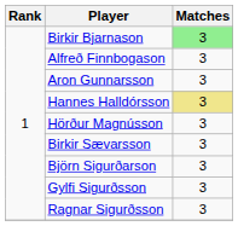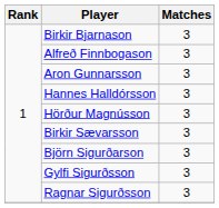 <table class="wikitable" style="text-align: left;">
 <tr>
 <th>Rank</th>
 <th>Player</th>
 <th>Matches</th>
 </tr>
 <tr>
 <td rowspan=9 align=center>1</td>
 <td><a href='#'>Birkir Bjarnason</a></td>
-<td align=center style="background: lightgreen;">3</td>
+<td align=center>3</td>
 </tr>
 <tr>
 <td><a href='#'>Alfreð Finnbogason</a></td>
 <td align=center>3</td>
 </tr>
 <tr>
 <td><a href='#'>Aron Gunnarsson</a></td>
 <td align=center>3</td>
 </tr>
 <tr>
 <td><a href='#'>Hannes Halldórsson</a></td>
-<td align=center style="background: khaki;">3</td>
+<td align=center>3</td>
 </tr>
 <tr>
 <td><a href='#'>Hörður Magnússon</a></td>
 <td align=center>3</td>
 </tr>
 <tr>
 <td><a href='#'>Birkir Sævarsson</a></td>
 <td align=center>3</td>
 </tr>
 <tr>
 <td><a href='#'>Björn Sigurðarson</a></td>
 <td align=center>3</td>
 </tr>
 <tr>
 <td><a href='#'>Gylfi Sigurðsson</a></td>
 <td align=center>3</td>
 </tr>
 <tr>
 <td><a href='#'>Ragnar Sigurðsson</a></td>
 <td align=center>3</td>
 </tr>
 <tr>
 </tr>
 </table>
